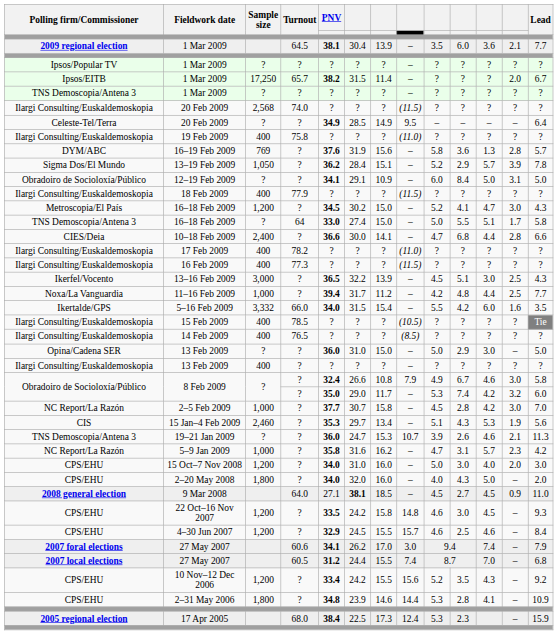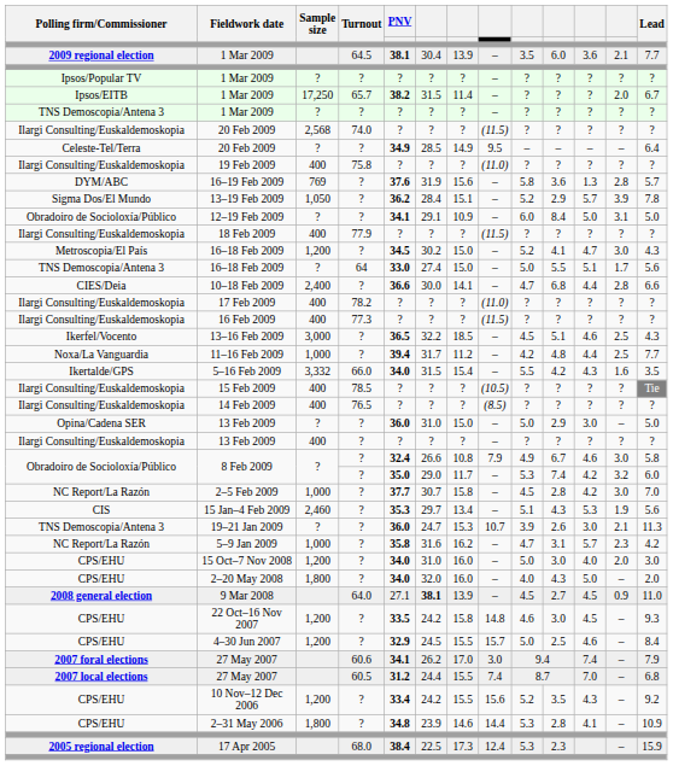 <table class="wikitable collapsible collapsed" style="text-align:center; font-size:95%; line-height:16px;">
 <tr style="height:42px;">
 <th style="width:250px;" rowspan="2">Polling firm/Commissioner</th>
 <th style="width:125px;" rowspan="2">Fieldwork date</th>
 <th style="width:50px;" rowspan="2">Sample size</th>
 <th style="width:45px;" rowspan="2">Turnout</th>
 <th style="width:35px;"><a href='#'>PNV</a></th>
 <th style="width:35px;"></th>
 <th style="width:35px;"></th>
 <th style="width:35px;"> </th>
 <th style="width:35px;"></th>
 <th style="width:35px;"></th>
 <th style="width:35px;"></th>
 <th style="width:35px;"></th>
 <th style="width:30px;" rowspan="2">Lead</th>
 </tr>
 <tr>
 <th style="color:inherit;background:"></th>
 <th style="color:inherit;background:"></th>
 <th style="color:inherit;background:"></th>
 <th style="color:inherit;background:black;"></th>
 <th style="color:inherit;background:"></th>
 <th style="color:inherit;background:"></th>
 <th style="color:inherit;background:"></th>
 <th style="color:inherit;background:"></th>
 </tr>
 <tr>
 <td colspan="13" style="background:#A0A0A0"></td>
 </tr>
 <tr style="background:#EFEFEF;">
 <td><strong><a href='#'>2009 regional election</a></strong></td>
 <td>1 Mar 2009</td>
 <td></td>
 <td>64.5</td>
 <td><strong>38.1</strong><br></td>
 <td>30.4<br></td>
 <td>13.9<br></td>
 <td>–</td>
 <td>3.5<br></td>
 <td>6.0<br></td>
 <td>3.6<br></td>
 <td>2.1<br></td>
 <td style="background:">7.7</td>
 </tr>
 <tr>
 <td colspan="13" style="background:#A0A0A0"></td>
 </tr>
 <tr style="background:#EAFFEA;">
 <td>Ipsos/Popular TV</td>
 <td>1 Mar 2009</td>
 <td>?</td>
 <td>?</td>
 <td>?<br></td>
 <td>?<br></td>
 <td>?<br></td>
 <td>–</td>
 <td>?<br></td>
 <td>?<br></td>
 <td>?<br></td>
 <td>?<br></td>
 <td style="background:">?</td>
 </tr>
 <tr style="background:#EAFFEA;">
 <td>Ipsos/EITB</td>
 <td>1 Mar 2009</td>
 <td>17,250</td>
 <td>65.7</td>
 <td><strong>38.2</strong><br></td>
 <td>31.5<br></td>
 <td>11.4<br></td>
 <td>–</td>
 <td>?<br></td>
 <td>?<br></td>
 <td>?<br></td>
 <td>2.0<br></td>
 <td style="background:">6.7</td>
 </tr>
 <tr style="background:#EAFFEA;">
 <td>TNS Demoscopia/Antena 3</td>
 <td>1 Mar 2009</td>
 <td>?</td>
 <td>?</td>
 <td>?<br></td>
 <td>?<br></td>
 <td>?<br></td>
 <td>–</td>
 <td>?<br></td>
 <td>?<br></td>
 <td>?<br></td>
 <td>?<br></td>
 <td style="background:">?</td>
 </tr>
 <tr>
 <td>Ilargi Consulting/Euskaldemoskopia</td>
 <td>20 Feb 2009</td>
 <td>2,568</td>
 <td>74.0</td>
 <td>?<br></td>
 <td>?<br></td>
 <td>?<br></td>
 <td><em>(11.5)</em></td>
 <td>?<br></td>
 <td>?<br></td>
 <td>?<br></td>
 <td>?<br></td>
 <td style="background:">?</td>
 </tr>
 <tr>
 <td>Celeste-Tel/Terra</td>
 <td>20 Feb 2009</td>
 <td>?</td>
 <td>?</td>
 <td><strong>34.9</strong></td>
 <td>28.5</td>
 <td>14.9</td>
 <td>9.5</td>
 <td>–</td>
 <td>–</td>
 <td>–</td>
 <td>–</td>
 <td style="background:">6.4</td>
 </tr>
 <tr>
 <td>Ilargi Consulting/Euskaldemoskopia</td>
 <td>19 Feb 2009</td>
 <td>400</td>
 <td>75.8</td>
 <td>?<br></td>
 <td>?<br></td>
 <td>?<br></td>
 <td><em>(11.0)</em></td>
 <td>?<br></td>
 <td>?<br></td>
 <td>?<br></td>
 <td>?<br></td>
 <td style="background:">?</td>
 </tr>
 <tr>
 <td>DYM/ABC</td>
 <td>16–19 Feb 2009</td>
 <td>769</td>
 <td>?</td>
 <td><strong>37.6</strong><br></td>
 <td>31.9<br></td>
 <td>15.6<br></td>
 <td>–</td>
 <td>5.8<br></td>
 <td>3.6<br></td>
 <td>1.3<br></td>
 <td>2.8<br></td>
 <td style="background:">5.7</td>
 </tr>
 <tr>
 <td>Sigma Dos/El Mundo</td>
 <td>13–19 Feb 2009</td>
 <td>1,050</td>
 <td>?</td>
 <td><strong>36.2</strong><br></td>
 <td>28.4<br></td>
 <td>15.1<br></td>
 <td>–</td>
 <td>5.2<br></td>
 <td>2.9<br></td>
 <td>5.7<br></td>
 <td>3.9<br></td>
 <td style="background:">7.8</td>
 </tr>
 <tr>
 <td>Obradoiro de Socioloxía/Público</td>
 <td>12–19 Feb 2009</td>
 <td>?</td>
 <td>?</td>
 <td><strong>34.1</strong><br></td>
 <td>29.1<br></td>
 <td>10.9<br></td>
 <td>–</td>
 <td>6.0<br></td>
 <td>8.4<br></td>
 <td>5.0<br></td>
 <td>3.1<br></td>
 <td style="background:">5.0</td>
 </tr>
 <tr>
 <td>Ilargi Consulting/Euskaldemoskopia</td>
 <td>18 Feb 2009</td>
 <td>400</td>
 <td>77.9</td>
 <td>?<br></td>
 <td>?<br></td>
 <td>?<br></td>
 <td><em>(11.5)</em></td>
 <td>?<br></td>
 <td>?<br></td>
 <td>?<br></td>
 <td>?<br></td>
 <td style="background:">?</td>
 </tr>
 <tr>
 <td>Metroscopia/El País</td>
 <td>16–18 Feb 2009</td>
 <td>1,200</td>
 <td>?</td>
 <td><strong>34.5</strong><br></td>
 <td>30.2<br></td>
 <td>15.0<br></td>
 <td>–</td>
 <td>5.2<br></td>
 <td>4.1<br></td>
 <td>4.7<br></td>
 <td>3.0<br></td>
 <td style="background:">4.3</td>
 </tr>
 <tr>
 <td>TNS Demoscopia/Antena 3</td>
 <td>16–18 Feb 2009</td>
 <td>?</td>
 <td>64</td>
 <td><strong>33.0</strong><br></td>
 <td>27.4<br></td>
 <td>15.0<br></td>
 <td>–</td>
 <td>5.0<br></td>
 <td>5.5<br></td>
 <td>5.1<br></td>
 <td>1.7<br></td>
-<td style="background:">5.8</td>
+<td style="background:">5.6</td>
 </tr>
 <tr>
 <td>CIES/Deia</td>
 <td>10–18 Feb 2009</td>
 <td>2,400</td>
 <td>?</td>
 <td><strong>36.6</strong><br></td>
 <td>30.0<br></td>
 <td>14.1<br></td>
 <td>–</td>
 <td>4.7<br></td>
 <td>6.8<br></td>
 <td>4.4<br></td>
 <td>2.8<br></td>
 <td style="background:">6.6</td>
 </tr>
 <tr>
 <td>Ilargi Consulting/Euskaldemoskopia</td>
 <td>17 Feb 2009</td>
 <td>400</td>
 <td>78.2</td>
 <td>?<br></td>
 <td>?<br></td>
 <td>?<br></td>
 <td><em>(11.0)</em></td>
 <td>?<br></td>
 <td>?<br></td>
 <td>?<br></td>
 <td>?<br></td>
 <td style="background:">?</td>
 </tr>
 <tr>
 <td>Ilargi Consulting/Euskaldemoskopia</td>
 <td>16 Feb 2009</td>
 <td>400</td>
 <td>77.3</td>
 <td>?<br></td>
 <td>?<br></td>
 <td>?<br></td>
 <td><em>(11.5)</em></td>
 <td>?<br></td>
 <td>?<br></td>
 <td>?<br></td>
 <td>?<br></td>
 <td style="background:">?</td>
 </tr>
 <tr>
 <td>Ikerfel/Vocento</td>
 <td>13–16 Feb 2009</td>
 <td>3,000</td>
 <td>?</td>
 <td><strong>36.5</strong><br></td>
 <td>32.2<br></td>
-<td>13.9<br></td>
+<td>18.5<br></td>
 <td>–</td>
 <td>4.5<br></td>
 <td>5.1<br></td>
-<td>3.0<br></td>
+<td>4.6<br></td>
 <td>2.5<br></td>
 <td style="background:">4.3</td>
 </tr>
 <tr>
 <td>Noxa/La Vanguardia</td>
 <td>11–16 Feb 2009</td>
 <td>1,000</td>
 <td>?</td>
 <td><strong>39.4</strong><br></td>
 <td>31.7<br></td>
 <td>11.2<br></td>
 <td>–</td>
 <td>4.2<br></td>
 <td>4.8<br></td>
 <td>4.4<br></td>
 <td>2.5<br></td>
 <td style="background:">7.7</td>
 </tr>
 <tr>
 <td>Ikertalde/GPS</td>
 <td>5–16 Feb 2009</td>
 <td>3,332</td>
 <td>66.0</td>
 <td><strong>34.0</strong><br></td>
 <td>31.5<br></td>
 <td>15.4<br></td>
 <td>–</td>
 <td>5.5<br></td>
 <td>4.2<br></td>
-<td>6.0<br></td>
+<td>4.3<br></td>
 <td>1.6<br></td>
 <td style="background:">3.5</td>
 </tr>
 <tr>
 <td>Ilargi Consulting/Euskaldemoskopia</td>
 <td>15 Feb 2009</td>
 <td>400</td>
 <td>78.5</td>
 <td>?<br></td>
 <td>?<br></td>
 <td>?<br></td>
 <td><em>(10.5)</em></td>
 <td>?<br></td>
 <td>?<br></td>
 <td>?<br></td>
 <td>?<br></td>
 <td style="background:gray; color:white;">Tie</td>
 </tr>
 <tr>
 <td>Ilargi Consulting/Euskaldemoskopia</td>
 <td>14 Feb 2009</td>
 <td>400</td>
 <td>76.5</td>
 <td>?<br></td>
 <td>?<br></td>
 <td>?<br></td>
 <td><em>(8.5)</em></td>
 <td>?<br></td>
 <td>?<br></td>
 <td>?<br></td>
 <td>?<br></td>
 <td style="background:">?</td>
 </tr>
 <tr>
 <td>Opina/Cadena SER</td>
 <td>13 Feb 2009</td>
 <td>?</td>
 <td>?</td>
 <td><strong>36.0</strong><br></td>
 <td>31.0<br></td>
 <td>15.0<br></td>
 <td>–</td>
 <td>5.0<br></td>
 <td>2.9<br></td>
 <td>3.0<br></td>
 <td>–</td>
 <td style="background:">5.0</td>
 </tr>
 <tr>
 <td>Ilargi Consulting/Euskaldemoskopia</td>
 <td>13 Feb 2009</td>
 <td>400</td>
 <td>?</td>
 <td>?<br></td>
 <td>?<br></td>
 <td>?<br></td>
 <td>–</td>
 <td>?<br></td>
 <td>?<br></td>
 <td>?<br></td>
 <td>?<br></td>
 <td style="background:">?</td>
 </tr>
 <tr>
 <td rowspan="2">Obradoiro de Socioloxía/Público</td>
 <td rowspan="2">8 Feb 2009</td>
 <td rowspan="2">?</td>
 <td>?</td>
 <td><strong>32.4</strong><br></td>
 <td>26.6<br></td>
 <td>10.8<br></td>
 <td>7.9<br></td>
 <td>4.9<br></td>
 <td>6.7<br></td>
 <td>4.6<br></td>
 <td>3.0<br></td>
 <td style="background:">5.8</td>
 </tr>
 <tr>
 <td>?</td>
 <td><strong>35.0</strong><br></td>
 <td>29.0<br></td>
 <td>11.7<br></td>
 <td>–</td>
 <td>5.3<br></td>
 <td>7.4<br></td>
 <td>4.2<br></td>
 <td>3.2<br></td>
 <td style="background:">6.0</td>
 </tr>
 <tr>
 <td>NC Report/La Razón</td>
 <td>2–5 Feb 2009</td>
 <td>1,000</td>
 <td>?</td>
 <td><strong>37.7</strong><br></td>
 <td>30.7<br></td>
 <td>15.8<br></td>
 <td>–</td>
 <td>4.5<br></td>
 <td>2.8<br></td>
 <td>4.2<br></td>
 <td>3.0<br></td>
 <td style="background:">7.0</td>
 </tr>
 <tr>
 <td>CIS</td>
 <td>15 Jan–4 Feb 2009</td>
 <td>2,460</td>
 <td>?</td>
 <td><strong>35.3</strong><br></td>
 <td>29.7<br></td>
 <td>13.4<br></td>
 <td>–</td>
 <td>5.1<br></td>
 <td>4.3<br></td>
 <td>5.3<br></td>
 <td>1.9<br></td>
 <td style="background:">5.6</td>
 </tr>
 <tr>
 <td>TNS Demoscopia/Antena 3</td>
 <td>19–21 Jan 2009</td>
 <td>?</td>
 <td>?</td>
 <td><strong>36.0</strong><br></td>
 <td>24.7<br></td>
 <td>15.3<br></td>
 <td>10.7<br></td>
 <td>3.9<br></td>
 <td>2.6<br></td>
-<td>4.6<br></td>
+<td>3.0<br></td>
 <td>2.1<br></td>
 <td style="background:">11.3</td>
 </tr>
 <tr>
 <td>NC Report/La Razón</td>
 <td>5–9 Jan 2009</td>
 <td>1,000</td>
 <td>?</td>
 <td><strong>35.8</strong><br></td>
 <td>31.6<br></td>
 <td>16.2<br></td>
 <td>–</td>
 <td>4.7<br></td>
 <td>3.1<br></td>
 <td>5.7<br></td>
 <td>2.3<br></td>
 <td style="background:">4.2</td>
 </tr>
 <tr>
 <td>CPS/EHU</td>
 <td>15 Oct–7 Nov 2008</td>
 <td>1,200</td>
 <td>?</td>
 <td><strong>34.0</strong><br></td>
 <td>31.0<br></td>
 <td>16.0<br></td>
 <td>–</td>
 <td>5.0<br></td>
 <td>3.0<br></td>
 <td>4.0<br></td>
 <td>2.0<br></td>
 <td style="background:">3.0</td>
 </tr>
 <tr>
 <td>CPS/EHU</td>
 <td>2–20 May 2008</td>
 <td>1,800</td>
 <td>?</td>
 <td><strong>34.0</strong><br></td>
 <td>32.0<br></td>
 <td>16.0<br></td>
 <td>–</td>
 <td>4.0<br></td>
 <td>4.3<br></td>
 <td>5.0<br></td>
 <td>–</td>
 <td style="background:">2.0</td>
 </tr>
 <tr style="background:#EFEFEF;">
 <td><strong><a href='#'>2008 general election</a></strong></td>
 <td>9 Mar 2008</td>
 <td></td>
 <td>64.0</td>
 <td>27.1<br></td>
 <td><strong>38.1</strong><br></td>
-<td>18.5<br></td>
+<td>13.9<br></td>
 <td>–</td>
 <td>4.5<br></td>
 <td>2.7<br></td>
 <td>4.5<br></td>
 <td>0.9<br></td>
 <td style="background:">11.0</td>
 </tr>
 <tr>
 <td>CPS/EHU</td>
 <td>22 Oct–16 Nov 2007</td>
 <td>1,200</td>
 <td>?</td>
 <td><strong>33.5</strong><br></td>
 <td>24.2<br></td>
 <td>15.8<br></td>
 <td>14.8<br></td>
 <td>4.6<br></td>
 <td>3.0<br></td>
 <td>4.5<br></td>
 <td>–</td>
 <td style="background:">9.3</td>
 </tr>
 <tr>
 <td>CPS/EHU</td>
 <td>4–30 Jun 2007</td>
 <td>1,200</td>
 <td>?</td>
 <td><strong>32.9</strong><br></td>
 <td>24.5<br></td>
 <td>15.5<br></td>
 <td>15.7<br></td>
-<td>4.6<br></td>
+<td>5.0<br></td>
 <td>2.5<br></td>
 <td>4.6<br></td>
 <td>–</td>
 <td style="background:">8.4</td>
 </tr>
 <tr style="background:#EFEFEF;">
 <td><strong><a href='#'>2007 foral elections</a></strong></td>
 <td>27 May 2007</td>
 <td></td>
 <td>60.6</td>
 <td><strong>34.1</strong><br></td>
 <td>26.2<br></td>
 <td>17.0<br></td>
 <td>3.0<br></td>
 <td colspan="2">9.4<br></td>
 <td>7.4<br></td>
 <td>–</td>
 <td style="background:">7.9</td>
 </tr>
 <tr style="background:#EFEFEF;">
 <td><strong><a href='#'>2007 local elections</a></strong></td>
 <td>27 May 2007</td>
 <td></td>
 <td>60.5</td>
 <td><strong>31.2</strong></td>
 <td>24.4</td>
 <td>15.5</td>
 <td>7.4</td>
 <td colspan="2">8.7</td>
 <td>7.0</td>
 <td>–</td>
 <td style="background:">6.8</td>
 </tr>
 <tr>
 <td>CPS/EHU</td>
 <td>10 Nov–12 Dec 2006</td>
 <td>1,200</td>
 <td>?</td>
 <td><strong>33.4</strong><br></td>
 <td>24.2<br></td>
 <td>15.5<br></td>
 <td>15.6<br></td>
 <td>5.2<br></td>
 <td>3.5<br></td>
 <td>4.3<br></td>
 <td>–</td>
 <td style="background:">9.2</td>
 </tr>
 <tr>
 <td>CPS/EHU</td>
 <td>2–31 May 2006</td>
 <td>1,800</td>
 <td>?</td>
 <td><strong>34.8</strong><br></td>
 <td>23.9<br></td>
 <td>14.6<br></td>
 <td>14.4<br></td>
 <td>5.3<br></td>
 <td>2.8<br></td>
 <td>4.1<br></td>
 <td>–</td>
 <td style="background:">10.9</td>
 </tr>
 <tr>
 <td colspan="13" style="background:#A0A0A0"></td>
 </tr>
 <tr style="background:#EFEFEF;">
 <td><strong><a href='#'>2005 regional election</a></strong></td>
 <td>17 Apr 2005</td>
 <td></td>
 <td>68.0</td>
 <td><strong>38.4</strong><br></td>
 <td>22.5<br></td>
 <td>17.3<br></td>
 <td>12.4<br></td>
 <td>5.3<br></td>
 <td>2.3<br></td>
 <td></td>
 <td>–</td>
 <td style="background:">15.9</td>
 </tr>
 <tr>
 <td colspan="13" style="background:#A0A0A0"></td>
 </tr>
 </table>
